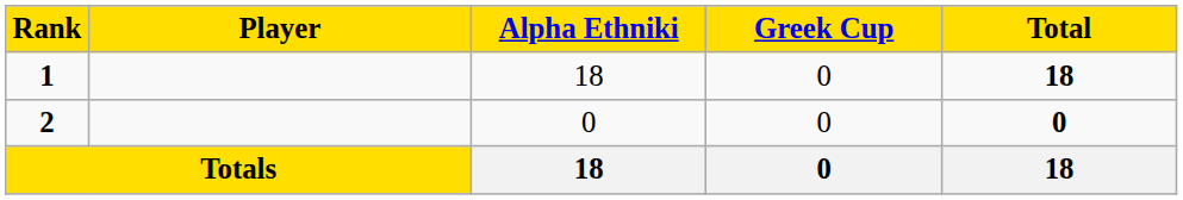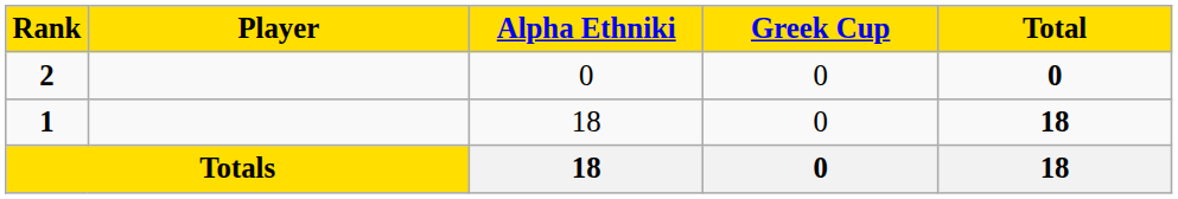 <table class="wikitable sortable" style="text-align:center">
 <tr>
 <th style="background:#FFDE00">Rank</th>
 <th width=200 style="background:#FFDE00">Player</th>
 <th width=120 style="background:#FFDE00"><a href='#'>Alpha Ethniki</a></th>
 <th width=120 style="background:#FFDE00"><a href='#'>Greek Cup</a></th>
 <th width=120 style="background:#FFDE00">Total</th>
 </tr>
 <tr>
+<td><strong>2</strong></td>
+<td align=left></td>
+<td>0</td>
+<td>0</td>
+<td><strong>0</strong></td>
+</tr>
+<tr>
 <td><strong>1</strong></td>
 <td align=left></td>
 <td>18</td>
 <td>0</td>
 <td><strong>18</strong></td>
-</tr>
-<tr>
-<td><strong>2</strong></td>
-<td align=left></td>
-<td>0</td>
-<td>0</td>
-<td><strong>0</strong></td>
 </tr>
 <tr class="sortbottom">
 <th colspan=2 style="background:#FFDE00"><strong>Totals</strong></th>
 <th><strong>18</strong></th>
 <th><strong> 0</strong></th>
 <th><strong>18</strong></th>
 </tr>
 </table>
